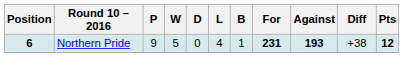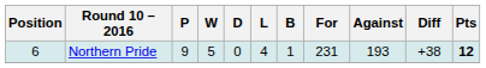 <table class="wikitable" style="text-align:center; font-size:85%;">
 <tr>
 <th width=40 abbr="Position">Position</th>
 <th width=100>Round 10 – 2016</th>
 <th width=20 abbr="Played">P</th>
 <th width=20 abbr="Won">W</th>
 <th width=20 abbr="Drawn">D</th>
 <th width=20 abbr="Lost">L</th>
 <th width=20 abbr="Bye">B</th>
 <th width=40 abbr="Points for">For</th>
 <th width=40 abbr="Points against">Against</th>
 <th width=40 abbr="Points difference">Diff</th>
 <th width=20 abbr="Points">Pts</th>
 </tr>
 <tr style="background: #d7ebed;">
-<td><strong>6</strong></td>
+<td>6</td>
 <td style="text-align:left;"> <a href='#'>Northern Pride</a></td>
 <td>9</td>
 <td>5</td>
 <td>0</td>
 <td>4</td>
 <td>1</td>
-<td><strong>231</strong></td>
-<td><strong>193</strong></td>
+<td>231</td>
+<td>193</td>
 <td>+38</td>
 <td><strong>12</strong></td>
 </tr>
 <tr>
 </tr>
 </table>
